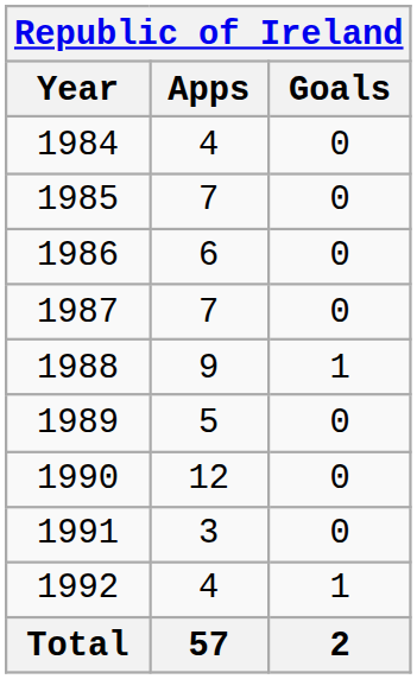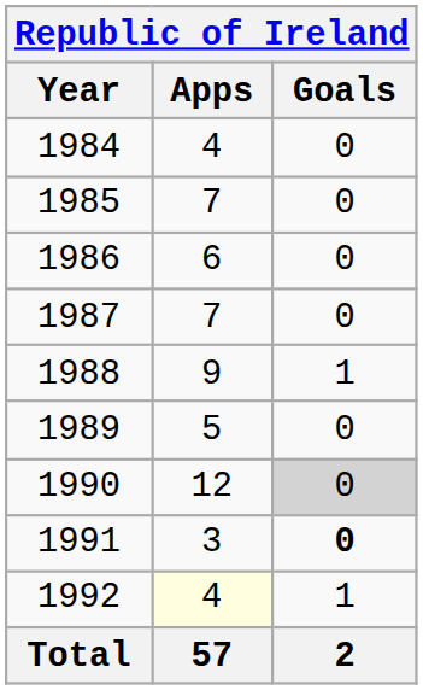 <table class="wikitable" style="text-align:center">
 <tr>
 <th colspan=3><a href='#'>Republic of Ireland</a></th>
 </tr>
 <tr>
 <th>Year</th>
 <th>Apps</th>
 <th>Goals</th>
 </tr>
 <tr>
 <td>1984</td>
 <td>4</td>
 <td>0</td>
 </tr>
 <tr>
 <td>1985</td>
 <td>7</td>
 <td>0</td>
 </tr>
 <tr>
 <td>1986</td>
 <td>6</td>
 <td>0</td>
 </tr>
 <tr>
 <td>1987</td>
 <td>7</td>
 <td>0</td>
 </tr>
 <tr>
 <td>1988</td>
 <td>9</td>
 <td>1</td>
 </tr>
 <tr>
 <td>1989</td>
 <td>5</td>
 <td>0</td>
 </tr>
 <tr>
 <td>1990</td>
 <td>12</td>
-<td>0</td>
+<td style="background: lightgrey;">0</td>
 </tr>
 <tr>
 <td>1991</td>
 <td>3</td>
-<td>0</td>
+<td><strong>0</strong></td>
 </tr>
 <tr>
 <td>1992</td>
-<td>4</td>
+<td style="background: lightyellow;">4</td>
 <td>1</td>
 </tr>
 <tr>
 <th>Total</th>
 <th>57</th>
 <th>2</th>
 </tr>
 </table>
